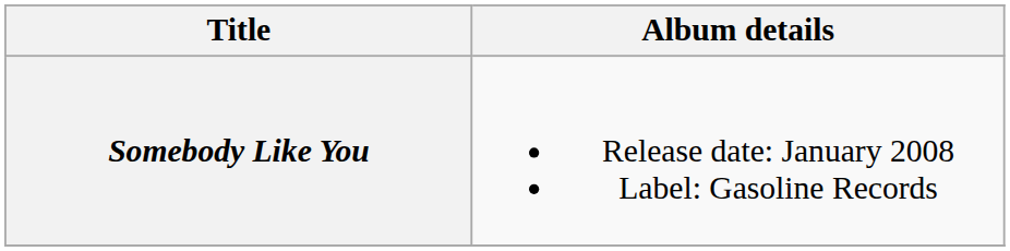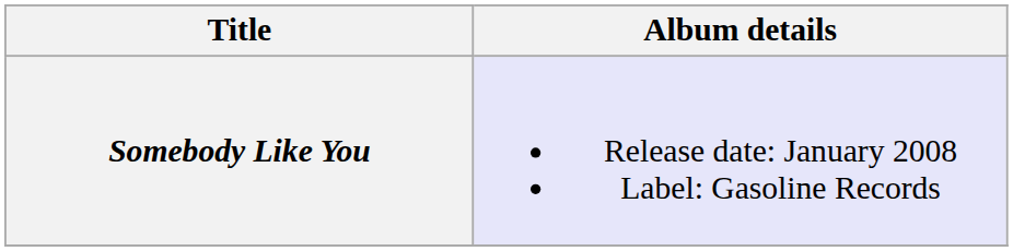 <table class="wikitable plainrowheaders" style="text-align:center;">
 <tr>
 <th style="width:14em;">Title</th>
 <th style="width:16em;">Album details</th>
 </tr>
 <tr>
 <th scope="row"><em>Somebody Like You</em></th>
-<td><br><ul><li>Release date: January 2008</li><li>Label: Gasoline Records</li></ul></td>
+<td style="background: lavender;"><br><ul><li>Release date: January 2008</li><li>Label: Gasoline Records</li></ul></td>
 </tr>
 <tr>
 </tr>
 </table>
